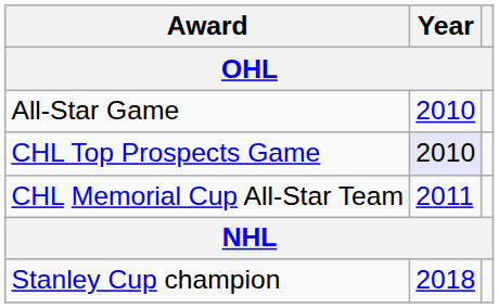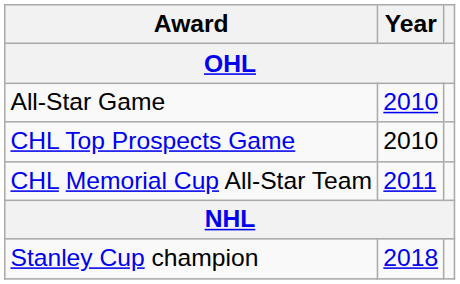 <table class="wikitable">
 <tr>
 <th>Award</th>
 <th>Year</th>
 <th></th>
 </tr>
 <tr>
 <th colspan="3"><a href='#'>OHL</a></th>
 </tr>
 <tr>
 <td>All-Star Game</td>
 <td><a href='#'>2010</a></td>
 <td></td>
 </tr>
 <tr>
 <td><a href='#'>CHL Top Prospects Game</a></td>
-<td style="background: lavender;">2010</td>
+<td>2010</td>
 <td></td>
 </tr>
 <tr>
 <td><a href='#'>CHL</a> <a href='#'>Memorial Cup</a> All-Star Team</td>
 <td><a href='#'>2011</a></td>
 <td></td>
 </tr>
 <tr>
 <th colspan="3"><a href='#'>NHL</a></th>
 </tr>
 <tr>
 <td><a href='#'>Stanley Cup</a> champion</td>
 <td><a href='#'>2018</a></td>
 <td></td>
 </tr>
 </table>
